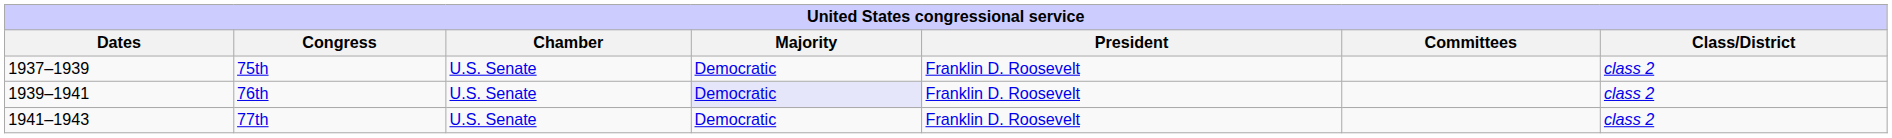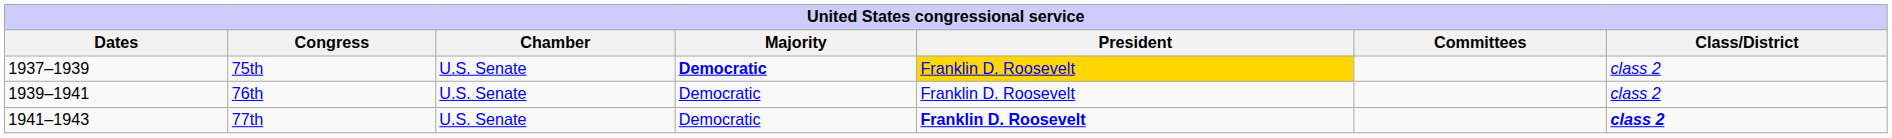 <table class=wikitable style="width: 94%" style="text-align: center;" align="center">
 <tr bgcolor=#cccccc>
 <th colspan=7 style="background: #ccccff;">United States congressional service</th>
 </tr>
 <tr>
 <th><strong>Dates</strong></th>
 <th><strong>Congress</strong></th>
 <th><strong>Chamber</strong></th>
 <th><strong>Majority</strong></th>
 <th><strong>President</strong></th>
 <th><strong>Committees</strong></th>
 <th><strong>Class/District</strong></th>
 </tr>
 <tr>
 <td>1937–1939</td>
 <td><a href='#'>75th</a></td>
 <td><a href='#'>U.S. Senate</a></td>
-<td><a href='#'>Democratic</a></td>
-<td><a href='#'>Franklin D. Roosevelt</a></td>
+<td><strong><a href='#'>Democratic</a></strong></td>
+<td style="background: gold;"><a href='#'>Franklin D. Roosevelt</a></td>
 <td></td>
 <td><a href='#'><em>class 2</em></a></td>
 </tr>
 <tr>
 <td>1939–1941</td>
 <td><a href='#'>76th</a></td>
 <td><a href='#'>U.S. Senate</a></td>
-<td style="background: lavender;"><a href='#'>Democratic</a></td>
+<td><a href='#'>Democratic</a></td>
 <td><a href='#'>Franklin D. Roosevelt</a></td>
 <td></td>
 <td><a href='#'><em>class 2</em></a></td>
 </tr>
 <tr>
 <td>1941–1943</td>
 <td><a href='#'>77th</a></td>
 <td><a href='#'>U.S. Senate</a></td>
 <td><a href='#'>Democratic</a></td>
-<td><a href='#'>Franklin D. Roosevelt</a></td>
+<td><strong><a href='#'>Franklin D. Roosevelt</a></strong></td>
 <td></td>
-<td><a href='#'><em>class 2</em></a></td>
+<td><strong><a href='#'><em>class 2</em></a></strong></td>
 </tr>
 </table>
